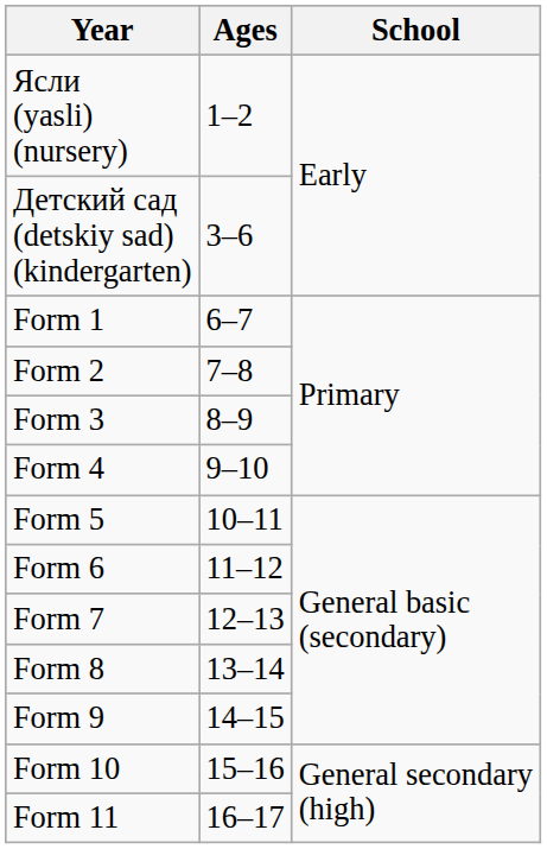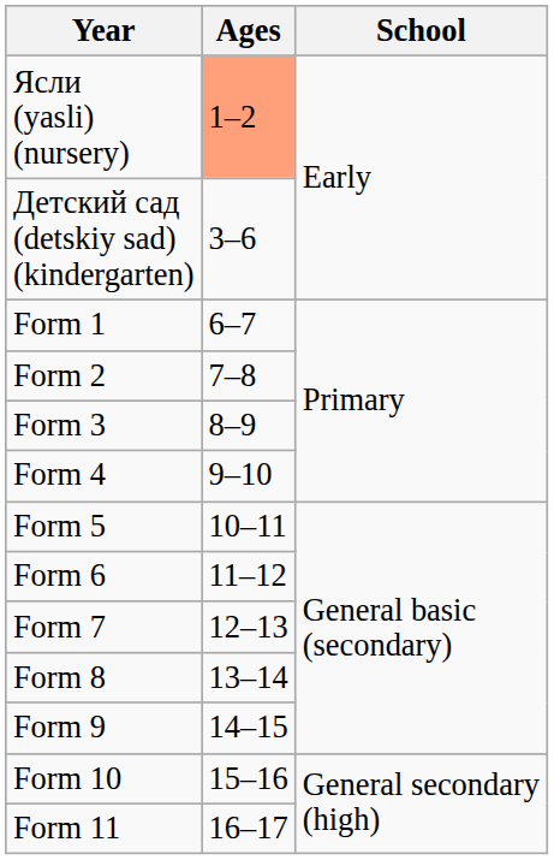 <table class="wikitable">
 <tr>
 <th>Year</th>
 <th>Ages</th>
 <th>School</th>
 </tr>
 <tr>
 <td>Ясли<br>(yasli)<br>(nursery)</td>
-<td>1–2</td>
+<td style="background: lightsalmon;">1–2</td>
 <td rowspan="2">Early</td>
 </tr>
 <tr>
 <td>Детский сад<br>(detskiy sad)<br>(kindergarten)</td>
 <td>3–6</td>
 </tr>
 <tr>
 <td>Form 1</td>
 <td>6–7</td>
 <td rowspan="4">Primary</td>
 </tr>
 <tr>
 <td>Form 2</td>
 <td>7–8</td>
 </tr>
 <tr>
 <td>Form 3</td>
 <td>8–9</td>
 </tr>
 <tr>
 <td>Form 4</td>
 <td>9–10</td>
 </tr>
 <tr>
 <td>Form 5</td>
 <td>10–11</td>
 <td rowspan="5">General basic<br>(secondary)</td>
 </tr>
 <tr>
 <td>Form 6</td>
 <td>11–12</td>
 </tr>
 <tr>
 <td>Form 7</td>
 <td>12–13</td>
 </tr>
 <tr>
 <td>Form 8</td>
 <td>13–14</td>
 </tr>
 <tr>
 <td>Form 9</td>
 <td>14–15</td>
 </tr>
 <tr>
 <td>Form 10</td>
 <td>15–16</td>
 <td rowspan="2">General secondary<br>(high)</td>
 </tr>
 <tr>
 <td>Form 11</td>
 <td>16–17</td>
 </tr>
 </table>
